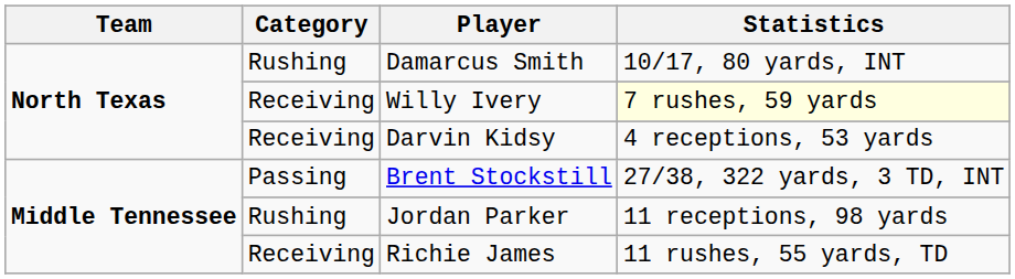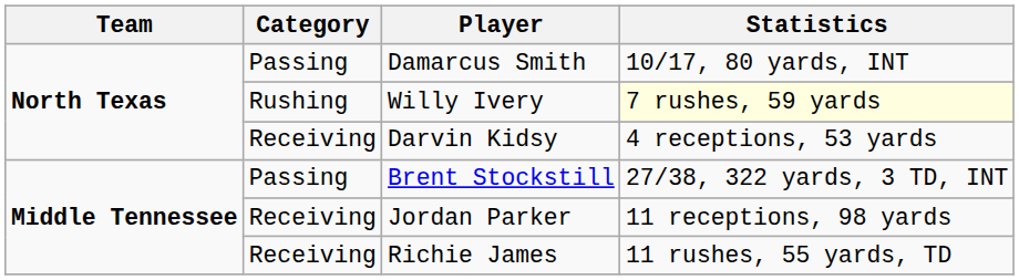 <table class="wikitable" style="float: left;">
 <tr>
 <th>Team</th>
 <th>Category</th>
 <th>Player</th>
 <th>Statistics</th>
 </tr>
 <tr>
 <td rowspan=3><strong>North Texas</strong></td>
-<td>Rushing</td>
+<td>Passing</td>
 <td>Damarcus Smith</td>
 <td>10/17, 80 yards, INT</td>
 </tr>
 <tr>
-<td>Receiving</td>
+<td>Rushing</td>
 <td>Willy Ivery</td>
 <td style="background: lightyellow;">7 rushes, 59 yards</td>
 </tr>
 <tr>
 <td>Receiving</td>
 <td>Darvin Kidsy</td>
 <td>4 receptions, 53 yards</td>
 </tr>
 <tr>
 <td rowspan=3><strong>Middle Tennessee</strong></td>
 <td>Passing</td>
 <td><a href='#'>Brent Stockstill</a></td>
 <td>27/38, 322 yards, 3 TD, INT</td>
 </tr>
 <tr>
-<td>Rushing</td>
+<td>Receiving</td>
 <td>Jordan Parker</td>
 <td>11 receptions, 98 yards</td>
 </tr>
 <tr>
 <td>Receiving</td>
 <td>Richie James</td>
 <td>11 rushes, 55 yards, TD</td>
 </tr>
 </table>
